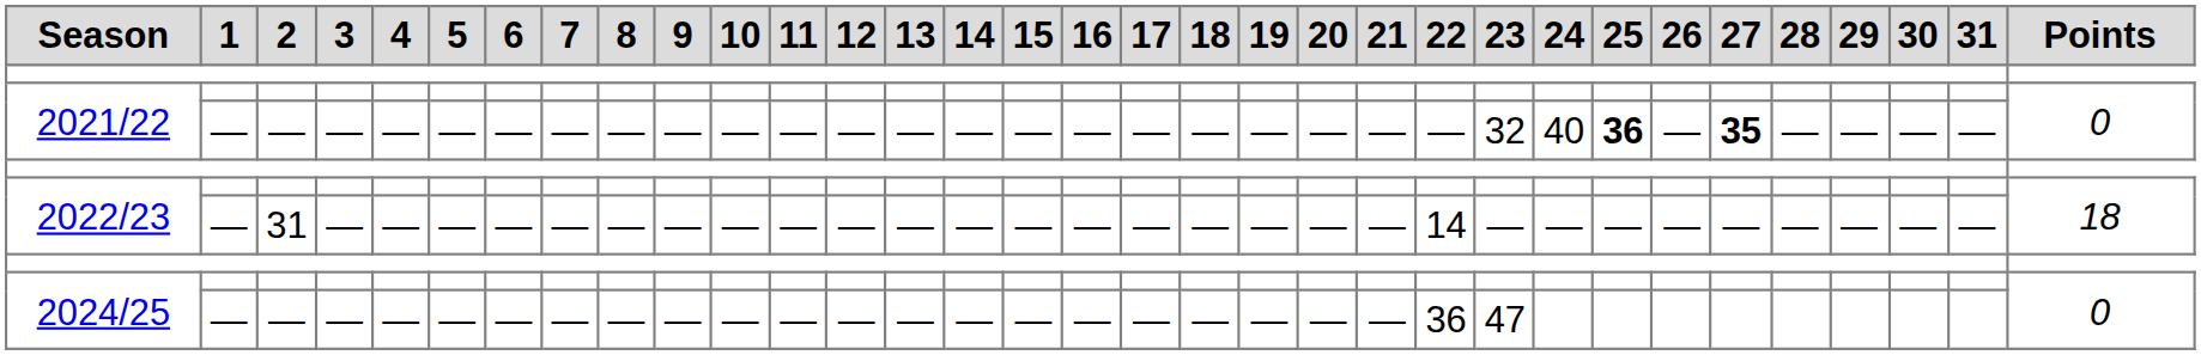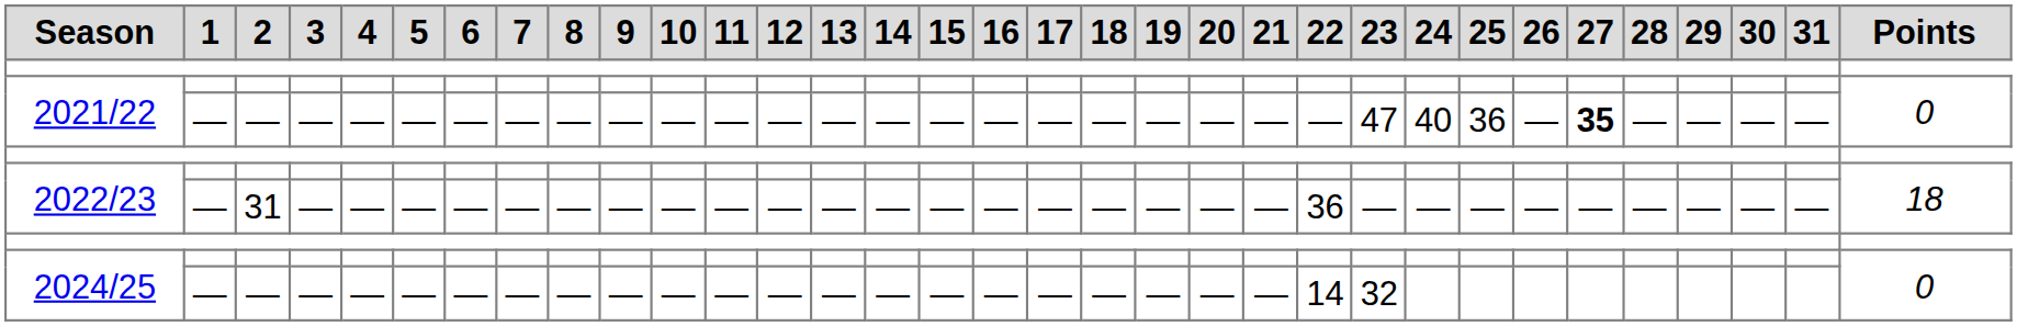 <table cellpadding="3" cellspacing="0" border="1" style="background:#ffffff; font-size:90%; border:grey 1px; border-collapse:collapse;">
 <tr style="background:#ccc; text-align:center;">
 <td style="background:#DCDCDC;" width=69px><strong>Season</strong></td>
 <td style="background:#DCDCDC;" width=15px><strong>1</strong></td>
 <td style="background:#DCDCDC;" width=15px><strong>2</strong></td>
 <td style="background:#DCDCDC;" width=15px><strong>3</strong></td>
 <td style="background:#DCDCDC;" width=15px><strong>4</strong></td>
 <td style="background:#DCDCDC;" width=15px><strong>5</strong></td>
 <td style="background:#DCDCDC;" width=15px><strong>6</strong></td>
 <td style="background:#DCDCDC;" width=15px><strong>7</strong></td>
 <td style="background:#DCDCDC;" width=15px><strong>8</strong></td>
 <td style="background:#DCDCDC;" width=15px><strong>9</strong></td>
 <td style="background:#DCDCDC;" width=15px><strong>10</strong></td>
 <td style="background:#DCDCDC;" width=15px><strong>11</strong></td>
 <td style="background:#DCDCDC;" width=15px><strong>12</strong></td>
 <td style="background:#DCDCDC;" width=15px><strong>13</strong></td>
 <td style="background:#DCDCDC;" width=15px><strong>14</strong></td>
 <td style="background:#DCDCDC;" width=15px><strong>15</strong></td>
 <td style="background:#DCDCDC;" width=15px><strong>16</strong></td>
 <td style="background:#DCDCDC;" width=15px><strong>17</strong></td>
 <td style="background:#DCDCDC;" width=15px><strong>18</strong></td>
 <td style="background:#DCDCDC;" width=15px><strong>19</strong></td>
 <td style="background:#DCDCDC;" width=15px><strong>20</strong></td>
 <td style="background:#DCDCDC;" width=15px><strong>21</strong></td>
 <td style="background:#DCDCDC;" width=15px><strong>22</strong></td>
 <td style="background:#DCDCDC;" width=15px><strong>23</strong></td>
 <td style="background:#DCDCDC;" width=15px><strong>24</strong></td>
 <td style="background:#DCDCDC;" width=15px><strong>25</strong></td>
 <td style="background:#DCDCDC;" width=15px><strong>26</strong></td>
 <td style="background:#DCDCDC;" width=15px><strong>27</strong></td>
 <td style="background:#DCDCDC;" width=15px><strong>28</strong></td>
 <td style="background:#DCDCDC;" width=15px><strong>29</strong></td>
 <td style="background:#DCDCDC;" width=15px><strong>30</strong></td>
 <td style="background:#DCDCDC;" width=15px><strong>31</strong></td>
 <td style="background:#DCDCDC;" width=30px><strong>Points</strong></td>
 </tr>
 <tr>
 <td colspan=32></td>
 </tr>
 <tr align=center>
 <td rowspan="2" style="width:66px;"><a href='#'>2021/22</a></td>
 <th></th>
 <th></th>
 <th></th>
 <th></th>
 <th></th>
 <th></th>
 <th></th>
 <th></th>
 <th></th>
 <th></th>
 <th></th>
 <th></th>
 <th></th>
 <th></th>
 <th></th>
 <th></th>
 <th></th>
 <th></th>
 <th></th>
 <th></th>
 <th></th>
 <th></th>
 <th></th>
 <th></th>
 <th></th>
 <th></th>
 <th></th>
 <th></th>
 <th></th>
 <th></th>
 <th></th>
 <td rowspan="2" style="width:66px;"><em>0</em></td>
 </tr>
 <tr align=center>
 <td>—</td>
 <td>—</td>
 <td>—</td>
 <td>—</td>
 <td>—</td>
 <td>—</td>
 <td>—</td>
 <td>—</td>
 <td>—</td>
 <td>—</td>
 <td>—</td>
 <td>—</td>
 <td>—</td>
 <td>—</td>
 <td>—</td>
 <td>—</td>
 <td>—</td>
 <td>—</td>
 <td>—</td>
 <td>—</td>
 <td>—</td>
 <td>—</td>
-<td>32</td>
+<td>47</td>
 <td>40</td>
-<td><strong>36</strong></td>
+<td>36</td>
 <td>—</td>
 <td><strong>35</strong></td>
 <td>—</td>
 <td>—</td>
 <td>—</td>
 <td>—</td>
 </tr>
 <tr>
 <td colspan=32></td>
 </tr>
 <tr align=center>
 <td rowspan="2" style="width:66px;"><a href='#'>2022/23</a></td>
 <th></th>
 <th></th>
 <th></th>
 <th></th>
 <th></th>
 <th></th>
 <th></th>
 <th></th>
 <th></th>
 <th></th>
 <th></th>
 <th></th>
 <th></th>
 <th></th>
 <th></th>
 <th></th>
 <th></th>
 <th></th>
 <th></th>
 <th></th>
 <th></th>
 <th></th>
 <th></th>
 <th></th>
 <th></th>
 <th></th>
 <th></th>
 <th></th>
 <th></th>
 <th></th>
 <th></th>
 <td rowspan="2" style="width:66px;"><em>18</em></td>
 </tr>
 <tr align=center>
 <td>—</td>
 <td>31</td>
 <td>—</td>
 <td>—</td>
 <td>—</td>
 <td>—</td>
 <td>—</td>
 <td>—</td>
 <td>—</td>
 <td>—</td>
 <td>—</td>
 <td>—</td>
 <td>—</td>
 <td>—</td>
 <td>—</td>
 <td>—</td>
 <td>—</td>
 <td>—</td>
 <td>—</td>
 <td>—</td>
 <td>—</td>
-<td>14</td>
+<td>36</td>
 <td>—</td>
 <td>—</td>
 <td>—</td>
 <td>—</td>
 <td>—</td>
 <td>—</td>
 <td>—</td>
 <td>—</td>
 <td>—</td>
 </tr>
 <tr>
 <td colspan=32></td>
 </tr>
 <tr align=center>
 <td rowspan="2" style="width:66px;"><a href='#'>2024/25</a></td>
 <th></th>
 <th></th>
 <th></th>
 <th></th>
 <th></th>
 <th></th>
 <th></th>
 <th></th>
 <th></th>
 <th></th>
 <th></th>
 <th></th>
 <th></th>
 <th></th>
 <th></th>
 <th></th>
 <th></th>
 <th></th>
 <th></th>
 <th></th>
 <th></th>
 <th></th>
 <th></th>
 <th></th>
 <th></th>
 <th></th>
 <th></th>
 <th></th>
 <th></th>
 <th></th>
 <th></th>
 <td rowspan="2" style="width:66px;"><em>0</em></td>
 </tr>
 <tr align=center>
 <td>—</td>
 <td>—</td>
 <td>—</td>
 <td>—</td>
 <td>—</td>
 <td>—</td>
 <td>—</td>
 <td>—</td>
 <td>—</td>
 <td>—</td>
 <td>—</td>
 <td>—</td>
 <td>—</td>
 <td>—</td>
 <td>—</td>
 <td>—</td>
 <td>—</td>
 <td>—</td>
 <td>—</td>
 <td>—</td>
 <td>—</td>
-<td>36</td>
-<td>47</td>
+<td>14</td>
+<td>32</td>
 <td></td>
 <td></td>
 <td></td>
 <td></td>
 <td></td>
 <td></td>
 <td></td>
 <td></td>
 </tr>
 <tr>
 </tr>
 </table>
